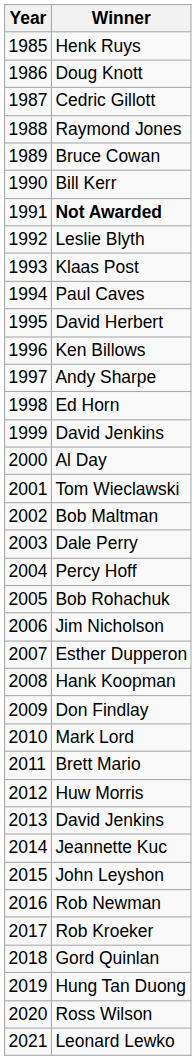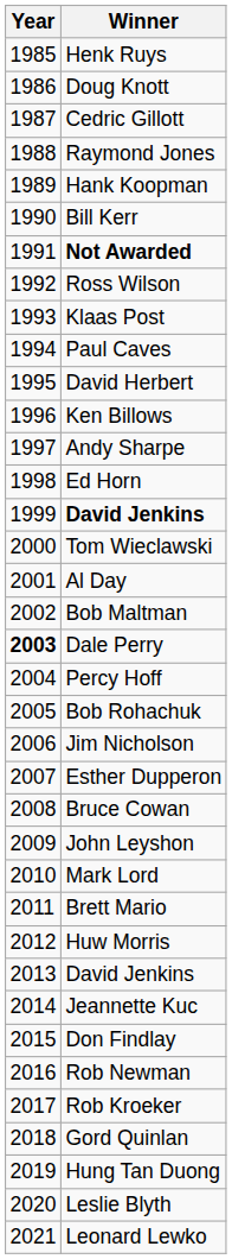 <table class="wikitable">
 <tr>
 <th>Year</th>
 <th>Winner</th>
 </tr>
 <tr>
 <td>1985</td>
 <td>Henk Ruys</td>
 </tr>
 <tr>
 <td>1986</td>
 <td>Doug Knott</td>
 </tr>
 <tr>
 <td>1987</td>
 <td>Cedric Gillott</td>
 </tr>
 <tr>
 <td>1988</td>
 <td>Raymond Jones</td>
 </tr>
 <tr>
 <td>1989</td>
-<td>Bruce Cowan</td>
+<td>Hank Koopman</td>
 </tr>
 <tr>
 <td>1990</td>
 <td>Bill Kerr</td>
 </tr>
 <tr>
 <td>1991</td>
 <td><strong>Not Awarded</strong></td>
 </tr>
 <tr>
 <td>1992</td>
-<td>Leslie Blyth</td>
+<td>Ross Wilson</td>
 </tr>
 <tr>
 <td>1993</td>
 <td>Klaas Post</td>
 </tr>
 <tr>
 <td>1994</td>
 <td>Paul Caves</td>
 </tr>
 <tr>
 <td>1995</td>
 <td>David Herbert</td>
 </tr>
 <tr>
 <td>1996</td>
 <td>Ken Billows</td>
 </tr>
 <tr>
 <td>1997</td>
 <td>Andy Sharpe</td>
 </tr>
 <tr>
 <td>1998</td>
 <td>Ed Horn</td>
 </tr>
 <tr>
 <td>1999</td>
-<td>David Jenkins</td>
+<td><strong>David Jenkins</strong></td>
 </tr>
 <tr>
 <td>2000</td>
-<td>Al Day</td>
+<td>Tom Wieclawski</td>
 </tr>
 <tr>
 <td>2001</td>
-<td>Tom Wieclawski</td>
+<td>Al Day</td>
 </tr>
 <tr>
 <td>2002</td>
 <td>Bob Maltman</td>
 </tr>
 <tr>
-<td>2003</td>
+<td><strong>2003</strong></td>
 <td>Dale Perry</td>
 </tr>
 <tr>
 <td>2004</td>
 <td>Percy Hoff</td>
 </tr>
 <tr>
 <td>2005</td>
 <td>Bob Rohachuk</td>
 </tr>
 <tr>
 <td>2006</td>
 <td>Jim Nicholson</td>
 </tr>
 <tr>
 <td>2007</td>
 <td>Esther Dupperon</td>
 </tr>
 <tr>
 <td>2008</td>
-<td>Hank Koopman</td>
+<td>Bruce Cowan</td>
 </tr>
 <tr>
 <td>2009</td>
-<td>Don Findlay</td>
+<td>John Leyshon</td>
 </tr>
 <tr>
 <td>2010</td>
 <td>Mark Lord</td>
 </tr>
 <tr>
 <td>2011</td>
 <td>Brett Mario</td>
 </tr>
 <tr>
 <td>2012</td>
 <td>Huw Morris</td>
 </tr>
 <tr>
 <td>2013</td>
 <td>David Jenkins</td>
 </tr>
 <tr>
 <td>2014</td>
 <td>Jeannette Kuc</td>
 </tr>
 <tr>
 <td>2015</td>
-<td>John Leyshon</td>
+<td>Don Findlay</td>
 </tr>
 <tr>
 <td>2016</td>
 <td>Rob Newman</td>
 </tr>
 <tr>
 <td>2017</td>
 <td>Rob Kroeker</td>
 </tr>
 <tr>
 <td>2018</td>
 <td>Gord Quinlan</td>
 </tr>
 <tr>
 <td>2019</td>
 <td>Hung Tan Duong</td>
 </tr>
 <tr>
 <td>2020</td>
-<td>Ross Wilson</td>
+<td>Leslie Blyth</td>
 </tr>
 <tr>
 <td>2021</td>
 <td>Leonard Lewko</td>
 </tr>
 </table>
